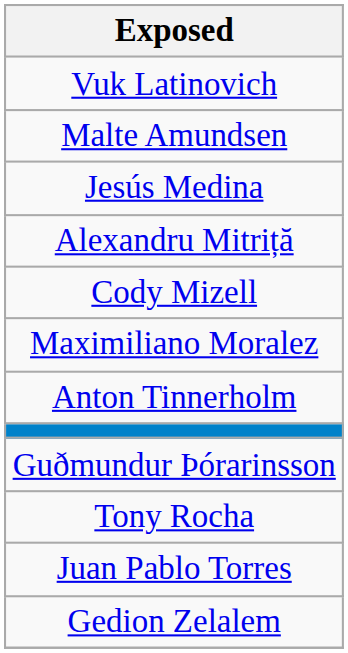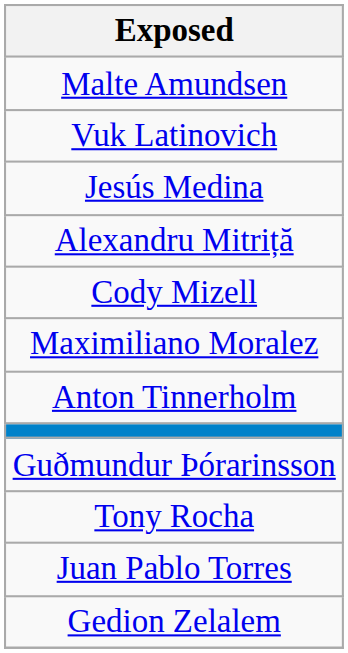 <table class="wikitable" style="text-align:center">
 <tr>
 <th>Exposed</th>
 </tr>
 <tr>
-<td><a href='#'>Vuk Latinovich</a></td>
+<td><a href='#'>Malte Amundsen</a></td>
 </tr>
 <tr>
-<td><a href='#'>Malte Amundsen</a></td>
+<td><a href='#'>Vuk Latinovich</a></td>
 </tr>
 <tr>
 <td><a href='#'>Jesús Medina</a></td>
 </tr>
 <tr>
 <td><a href='#'>Alexandru Mitriță</a></td>
 </tr>
 <tr>
 <td><a href='#'>Cody Mizell</a></td>
 </tr>
 <tr>
 <td><a href='#'>Maximiliano Moralez</a></td>
 </tr>
 <tr>
 <td><a href='#'>Anton Tinnerholm</a></td>
 </tr>
 <tr>
 <td style="background: #0082CA"></td>
 </tr>
 <tr>
 <td><a href='#'>Guðmundur Þórarinsson</a></td>
 </tr>
 <tr>
 <td><a href='#'>Tony Rocha</a></td>
 </tr>
 <tr>
 <td><a href='#'>Juan Pablo Torres</a></td>
 </tr>
 <tr>
 <td><a href='#'>Gedion Zelalem</a></td>
 </tr>
 <tr>
 </tr>
 </table>
